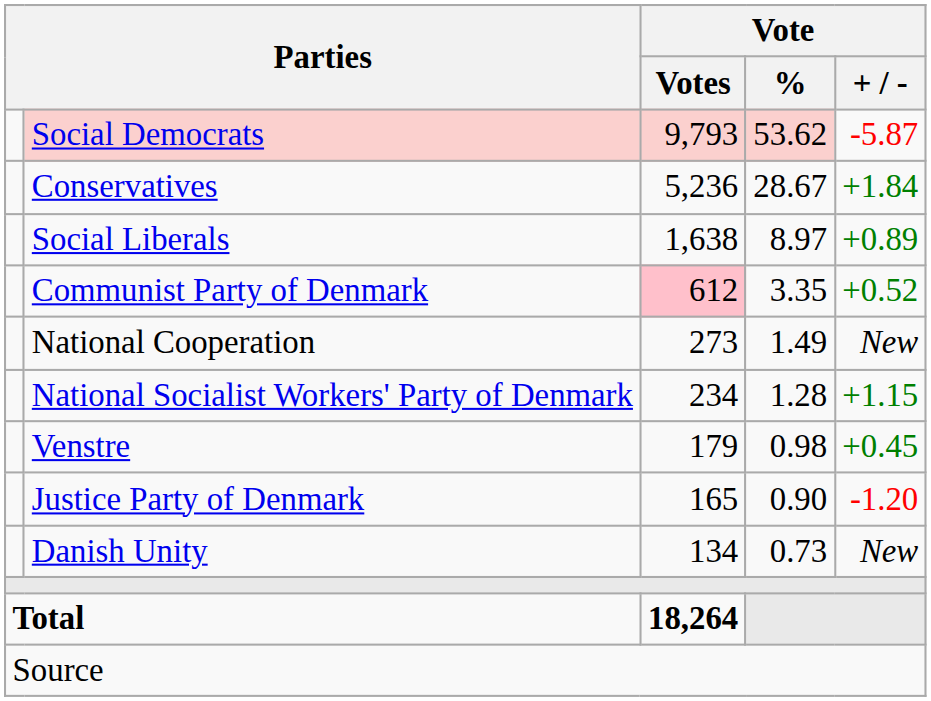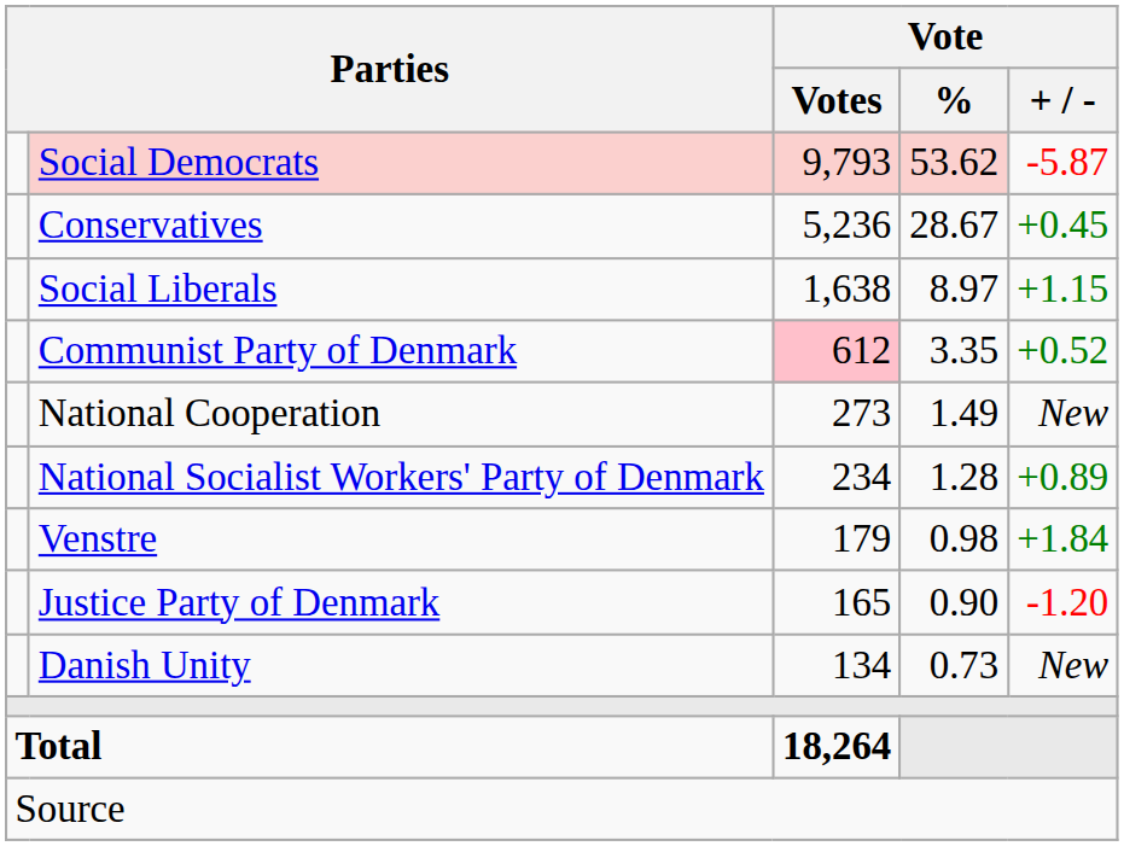 <table class="wikitable" style="text-align:right;">
 <tr>
 <th style="text-align:centre;" rowspan="2" colspan="2" width="225">Parties</th>
 <th colspan="3">Vote</th>
 </tr>
 <tr>
 <th width="15">Votes</th>
 <th width="15">%</th>
 <th width="15">+ / -</th>
 </tr>
 <tr>
 <td width="2" style="color:inherit;background:"></td>
 <td bgcolor=#fbd0ce  align="left"><a href='#'>Social Democrats</a></td>
 <td bgcolor=#fbd0ce>9,793</td>
 <td bgcolor=#fbd0ce>53.62</td>
 <td style=color:red;>-5.87</td>
 </tr>
 <tr>
 <td width="2" style="color:inherit;background:"></td>
 <td align="left"><a href='#'>Conservatives</a></td>
 <td>5,236</td>
 <td>28.67</td>
-<td style=color:green;>+1.84</td>
+<td style=color:green;>+0.45</td>
 </tr>
 <tr>
 <td width="2" style="color:inherit;background:"></td>
 <td align="left"><a href='#'>Social Liberals</a></td>
 <td>1,638</td>
 <td>8.97</td>
-<td style=color:green;>+0.89</td>
+<td style=color:green;>+1.15</td>
 </tr>
 <tr>
 <td width="2" style="color:inherit;background:"></td>
 <td align="left"><a href='#'>Communist Party of Denmark</a></td>
 <td style="background: pink;">612</td>
 <td>3.35</td>
 <td style=color:green;>+0.52</td>
 </tr>
 <tr>
 <td width="2" style="color:inherit;background:"></td>
 <td align="left">National Cooperation</td>
 <td>273</td>
 <td>1.49</td>
 <td><em>New</em></td>
 </tr>
 <tr>
 <td width="2" style="color:inherit;background:"></td>
 <td align="left"><a href='#'>National Socialist Workers' Party of Denmark</a></td>
 <td>234</td>
 <td>1.28</td>
-<td style=color:green;>+1.15</td>
+<td style=color:green;>+0.89</td>
 </tr>
 <tr>
 <td width="2" style="color:inherit;background:"></td>
 <td align="left"><a href='#'>Venstre</a></td>
 <td>179</td>
 <td>0.98</td>
-<td style=color:green;>+0.45</td>
+<td style=color:green;>+1.84</td>
 </tr>
 <tr>
 <td width="2" style="color:inherit;background:"></td>
 <td align="left"><a href='#'>Justice Party of Denmark</a></td>
 <td>165</td>
 <td>0.90</td>
 <td style=color:red;>-1.20</td>
 </tr>
 <tr>
 <td width="2" style="color:inherit;background:"></td>
 <td align="left"><a href='#'>Danish Unity</a></td>
 <td>134</td>
 <td>0.73</td>
 <td><em>New</em></td>
 </tr>
 <tr>
 <td colspan="7" bgcolor="#E9E9E9"></td>
 </tr>
 <tr>
 <td align="left" colspan="2"><strong>Total</strong></td>
 <td><strong>18,264</strong></td>
 <td bgcolor="#E9E9E9" colspan="2"></td>
 </tr>
 <tr>
 <td align="left" colspan="6">Source</td>
 </tr>
 </table>
